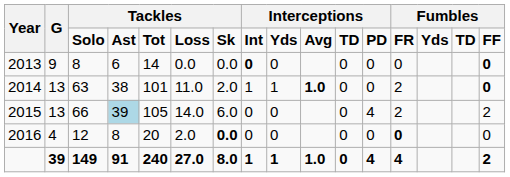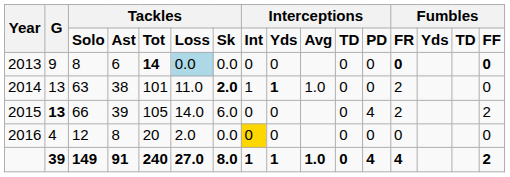 <table class="wikitable">
 <tr>
 <th rowspan="2">Year</th>
 <th rowspan="2">G</th>
 <th colspan="5" style="text-align: center; font-weight:bold;">Tackles</th>
 <th colspan="5" style="text-align: center; font-weight:bold;">Interceptions</th>
 <th colspan="4" style="text-align: center; font-weight:bold;">Fumbles</th>
 </tr>
 <tr>
 <td style="font-weight:bold;">Solo</td>
 <td style="font-weight:bold;">Ast</td>
 <td style="font-weight:bold;">Tot</td>
 <td style="font-weight:bold;">Loss</td>
 <td style="font-weight:bold;">Sk</td>
 <td style="font-weight:bold;">Int</td>
 <td style="font-weight:bold;">Yds</td>
 <td style="font-weight:bold;">Avg</td>
 <td style="font-weight:bold;">TD</td>
 <td style="font-weight:bold;">PD</td>
 <td style="font-weight:bold;">FR</td>
 <td style="font-weight:bold;">Yds</td>
 <td style="font-weight:bold;">TD</td>
 <td style="font-weight:bold;">FF</td>
 </tr>
 <tr>
 <td>2013</td>
 <td>9</td>
 <td>8</td>
 <td>6</td>
-<td>14</td>
+<td><strong>14</strong></td>
+<td style="background: lightblue;">0.0</td>
 <td>0.0</td>
-<td>0.0</td>
-<td><strong>0</strong></td>
+<td>0</td>
 <td>0</td>
 <td></td>
 <td>0</td>
 <td>0</td>
-<td>0</td>
+<td><strong>0</strong></td>
 <td></td>
 <td></td>
 <td><strong>0</strong></td>
 </tr>
 <tr>
 <td>2014</td>
 <td>13</td>
 <td>63</td>
 <td>38</td>
 <td>101</td>
 <td>11.0</td>
-<td>2.0</td>
+<td><strong>2.0</strong></td>
 <td>1</td>
-<td>1</td>
-<td><strong>1.0</strong></td>
+<td><strong>1</strong></td>
+<td>1.0</td>
 <td>0</td>
 <td>0</td>
 <td>2</td>
 <td></td>
 <td></td>
-<td><strong>0</strong></td>
+<td>0</td>
 </tr>
 <tr>
 <td>2015</td>
-<td>13</td>
+<td><strong>13</strong></td>
 <td>66</td>
-<td style="background: lightblue;">39</td>
+<td>39</td>
 <td>105</td>
 <td>14.0</td>
 <td>6.0</td>
 <td>0</td>
 <td>0</td>
 <td></td>
 <td>0</td>
 <td>4</td>
 <td>2</td>
 <td></td>
 <td></td>
 <td>2</td>
 </tr>
 <tr>
 <td>2016</td>
 <td>4</td>
 <td>12</td>
 <td>8</td>
 <td>20</td>
 <td>2.0</td>
-<td><strong>0.0</strong></td>
-<td>0</td>
+<td>0.0</td>
+<td style="background: gold;">0</td>
 <td>0</td>
 <td></td>
 <td>0</td>
 <td>0</td>
-<td><strong>0</strong></td>
+<td>0</td>
 <td></td>
 <td></td>
 <td>0</td>
 </tr>
 <tr>
 <td style="font-weight:bold;"></td>
 <td style="font-weight:bold;">39</td>
 <td style="font-weight:bold;">149</td>
 <td style="font-weight:bold;">91</td>
 <td style="font-weight:bold;">240</td>
 <td style="font-weight:bold;">27.0</td>
 <td style="font-weight:bold;">8.0</td>
 <td style="font-weight:bold;">1</td>
 <td style="font-weight:bold;">1</td>
 <td style="font-weight:bold;">1.0</td>
 <td style="font-weight:bold;">0</td>
 <td style="font-weight:bold;">4</td>
 <td style="font-weight:bold;">4</td>
 <td style="font-weight:bold;"></td>
 <td style="font-weight:bold;"></td>
 <td style="font-weight:bold;">2</td>
 </tr>
 </table>
